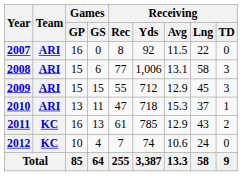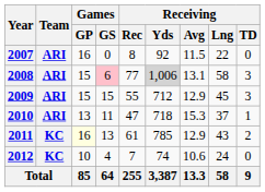 <table class="wikitable" style="text-align:center;">
 <tr>
 <th rowspan="2">Year</th>
 <th rowspan="2">Team</th>
 <th colspan="2">Games</th>
 <th colspan="5">Receiving</th>
 </tr>
 <tr>
 <th>GP</th>
 <th>GS</th>
 <th>Rec</th>
 <th>Yds</th>
 <th>Avg</th>
 <th>Lng</th>
 <th>TD</th>
 </tr>
 <tr>
 <th><a href='#'>2007</a></th>
 <th><a href='#'>ARI</a></th>
 <td>16</td>
 <td>0</td>
 <td>8</td>
 <td>92</td>
 <td>11.5</td>
 <td>22</td>
 <td>0</td>
 </tr>
 <tr>
 <th><a href='#'>2008</a></th>
 <th><a href='#'>ARI</a></th>
 <td>15</td>
-<td>6</td>
+<td style="background: pink;">6</td>
 <td>77</td>
-<td>1,006</td>
+<td style="background: lightgrey;">1,006</td>
 <td>13.1</td>
 <td>58</td>
 <td>3</td>
 </tr>
 <tr>
 <th><a href='#'>2009</a></th>
 <th><a href='#'>ARI</a></th>
 <td>15</td>
 <td>15</td>
 <td>55</td>
 <td>712</td>
 <td>12.9</td>
 <td>45</td>
 <td>3</td>
 </tr>
 <tr>
 <th><a href='#'>2010</a></th>
 <th><a href='#'>ARI</a></th>
 <td>13</td>
 <td>11</td>
 <td>47</td>
 <td>718</td>
 <td>15.3</td>
 <td>37</td>
 <td>1</td>
 </tr>
 <tr>
 <th><a href='#'>2011</a></th>
 <th><a href='#'>KC</a></th>
-<td>16</td>
+<td style="background: lightyellow;">16</td>
 <td>13</td>
 <td>61</td>
 <td>785</td>
 <td>12.9</td>
 <td>43</td>
 <td>2</td>
 </tr>
 <tr>
 <th><a href='#'>2012</a></th>
 <th><a href='#'>KC</a></th>
 <td>10</td>
 <td>4</td>
 <td>7</td>
 <td>74</td>
 <td>10.6</td>
 <td>24</td>
 <td>0</td>
 </tr>
 <tr>
 <th colspan="2">Total</th>
 <th>85</th>
 <th>64</th>
 <th>255</th>
 <th>3,387</th>
 <th>13.3</th>
 <th>58</th>
 <th>9</th>
 </tr>
 </table>
